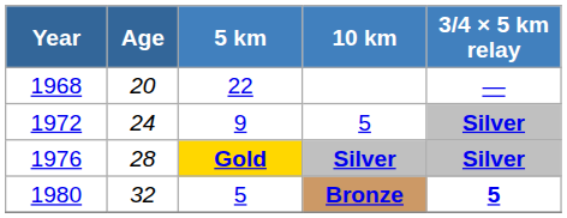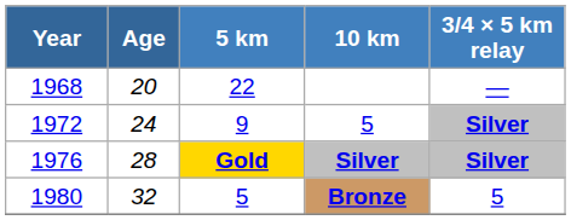 <table class="wikitable" style="font-size:95%; text-align:center; border:grey solid 1px; border-collapse:collapse; background:#ffffff;">
 <tr>
 <th style="background-color:#369; color:white; width:60px;"> Year </th>
 <th style="background-color:#369; color:white; width:40px;"> Age </th>
 <th style="background-color:#4180be; color:white; width:75px;"> 5 km </th>
 <th style="background-color:#4180be; color:white; width:75px;"> 10 km </th>
 <th style="background-color:#4180be; color:white; width:75px;"> 3/4 × 5 km <br> relay </th>
 </tr>
 <tr>
 <td><a href='#'>1968</a></td>
 <td><em>20</em></td>
 <td><a href='#'>22</a></td>
 <td><a href='#'></a></td>
 <td><a href='#'>—</a></td>
 </tr>
 <tr>
 <td><a href='#'>1972</a></td>
 <td><em>24</em></td>
 <td><a href='#'>9</a></td>
 <td><a href='#'>5</a></td>
 <td style="background:silver;"><a href='#'><strong>Silver</strong></a></td>
 </tr>
 <tr>
 <td><a href='#'>1976</a></td>
 <td><em>28</em></td>
 <td style="background:gold;"><a href='#'><strong>Gold</strong></a></td>
 <td style="background:silver;"><a href='#'><strong>Silver</strong></a></td>
 <td style="background:silver;"><a href='#'><strong>Silver</strong></a></td>
 </tr>
 <tr>
 <td><a href='#'>1980</a></td>
 <td><em>32</em></td>
 <td><a href='#'>5</a></td>
 <td bgcolor="cc9966"><a href='#'><strong>Bronze</strong></a></td>
-<td><strong><a href='#'>5</a></strong></td>
+<td><a href='#'>5</a></td>
 </tr>
 <tr>
 </tr>
 </table>
